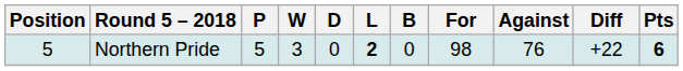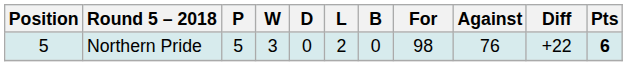 <table class="wikitable" style="text-align:center; font-size:85%;">
 <tr style="background: #d7ebed;">
 <th width="40" abbr="Position">Position</th>
 <th width="100">Round 5 – 2018</th>
 <th width="20" abbr="Played">P</th>
 <th width="20" abbr="Won">W</th>
 <th width="20" abbr="Drawn">D</th>
 <th width="20" abbr="Lost">L</th>
 <th width="20" abbr="Bye">B</th>
 <th width="40" abbr="Points for">For</th>
 <th width="40" abbr="Points against">Against</th>
 <th width="40" abbr="Points difference">Diff</th>
 <th width=20 abbr="Points">Pts</th>
 </tr>
 <tr style="background: #d7ebed;">
 <td>5</td>
 <td style="text-align:left;"> Northern Pride</td>
 <td>5</td>
 <td>3</td>
 <td>0</td>
-<td><strong>2</strong></td>
+<td>2</td>
 <td>0</td>
 <td>98</td>
 <td>76</td>
 <td>+22</td>
 <td><strong>6</strong></td>
 </tr>
 <tr>
 </tr>
 </table>
